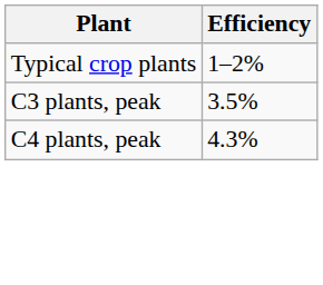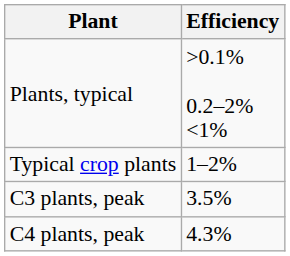 <table class="wikitable">
 <tr>
 <th>Plant</th>
 <th>Efficiency</th>
+</tr>
+<tr>
+<td>Plants, typical</td>
+<td>>0.1%<br><br>0.2–2%<br> <1%<br></td>
 </tr>
 <tr>
 <td>Typical <a href='#'>crop</a> plants</td>
 <td>1–2%</td>
 </tr>
 <tr>
 <td>C3 plants, peak</td>
 <td>3.5%</td>
 </tr>
 <tr>
 <td>C4 plants, peak</td>
 <td>4.3%</td>
 </tr>
 </table>
